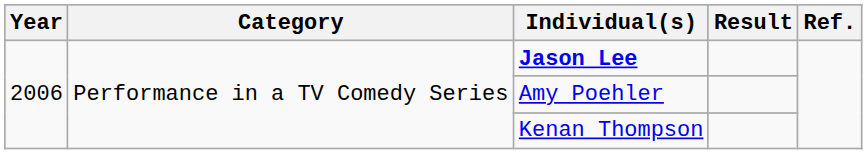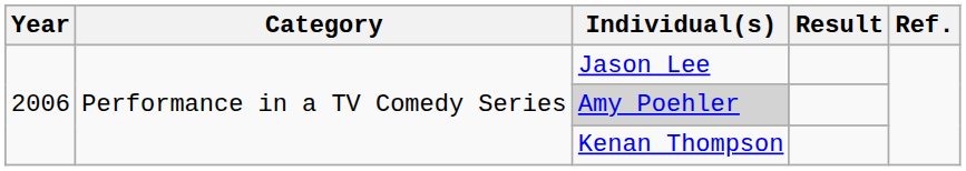 <table class="wikitable">
 <tr>
 <th>Year</th>
 <th>Category</th>
 <th>Individual(s)</th>
 <th>Result</th>
 <th>Ref.</th>
 </tr>
 <tr>
 <td rowspan="3">2006</td>
 <td rowspan="3">Performance in a TV Comedy Series</td>
-<td><strong><a href='#'>Jason Lee</a></strong></td>
+<td><a href='#'>Jason Lee</a></td>
 <td></td>
 <td rowspan="3" align="center"></td>
 </tr>
 <tr>
-<td><a href='#'>Amy Poehler</a></td>
+<td style="background: lightgrey;"><a href='#'>Amy Poehler</a></td>
 <td></td>
 </tr>
 <tr>
 <td><a href='#'>Kenan Thompson</a></td>
 <td></td>
 </tr>
 </table>
